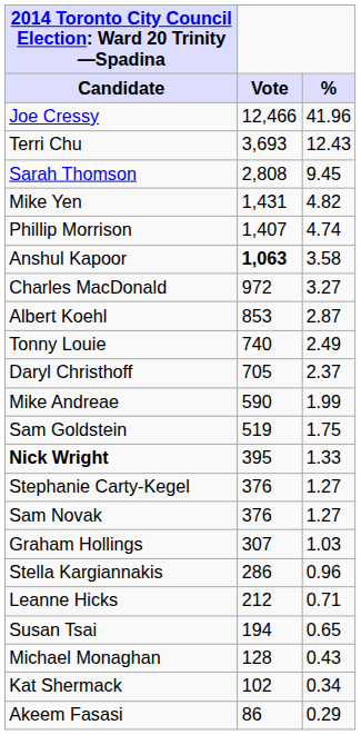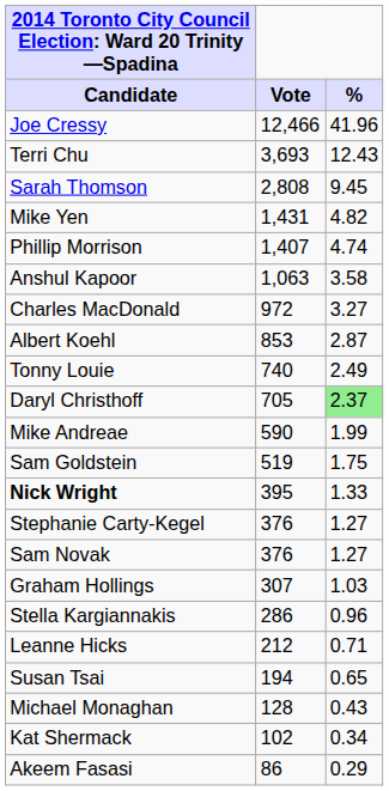 <table class="wikitable">
 <tr>
 <th style="background:#ddf; width:200px;"><a href='#'>2014 Toronto City Council Election</a>: Ward 20 Trinity—Spadina</th>
 </tr>
 <tr>
 <th style="background:#ddf; width:200px;">Candidate</th>
 <th style="background:#ddf; width:50px;">Vote</th>
 <th style="background:#ddf; width:30px;">%</th>
 </tr>
 <tr>
 <td><a href='#'>Joe Cressy</a></td>
 <td>12,466</td>
 <td>41.96</td>
 </tr>
 <tr>
 <td>Terri Chu</td>
 <td>3,693</td>
 <td>12.43</td>
 </tr>
 <tr>
 <td><a href='#'>Sarah Thomson</a></td>
 <td>2,808</td>
 <td>9.45</td>
 </tr>
 <tr>
 <td>Mike Yen</td>
 <td>1,431</td>
 <td>4.82</td>
 </tr>
 <tr>
 <td>Phillip Morrison</td>
 <td>1,407</td>
 <td>4.74</td>
 </tr>
 <tr>
 <td>Anshul Kapoor</td>
-<td><strong>1,063</strong></td>
+<td>1,063</td>
 <td>3.58</td>
 </tr>
 <tr>
 <td>Charles MacDonald</td>
 <td>972</td>
 <td>3.27</td>
 </tr>
 <tr>
 <td>Albert Koehl</td>
 <td>853</td>
 <td>2.87</td>
 </tr>
 <tr>
 <td>Tonny Louie</td>
 <td>740</td>
 <td>2.49</td>
 </tr>
 <tr>
 <td>Daryl Christhoff</td>
 <td>705</td>
-<td>2.37</td>
+<td style="background: lightgreen;">2.37</td>
 </tr>
 <tr>
 <td>Mike Andreae</td>
 <td>590</td>
 <td>1.99</td>
 </tr>
 <tr>
 <td>Sam Goldstein</td>
 <td>519</td>
 <td>1.75</td>
 </tr>
 <tr>
 <td><strong>Nick Wright</strong></td>
 <td>395</td>
 <td>1.33</td>
 </tr>
 <tr>
 <td>Stephanie Carty-Kegel</td>
 <td>376</td>
 <td>1.27</td>
 </tr>
 <tr>
 <td>Sam Novak</td>
 <td>376</td>
 <td>1.27</td>
 </tr>
 <tr>
 <td>Graham Hollings</td>
 <td>307</td>
 <td>1.03</td>
 </tr>
 <tr>
 <td>Stella Kargiannakis</td>
 <td>286</td>
 <td>0.96</td>
 </tr>
 <tr>
 <td>Leanne Hicks</td>
 <td>212</td>
 <td>0.71</td>
 </tr>
 <tr>
 <td>Susan Tsai</td>
 <td>194</td>
 <td>0.65</td>
 </tr>
 <tr>
 <td>Michael Monaghan</td>
 <td>128</td>
 <td>0.43</td>
 </tr>
 <tr>
 <td>Kat Shermack</td>
 <td>102</td>
 <td>0.34</td>
 </tr>
 <tr>
 <td>Akeem Fasasi</td>
 <td>86</td>
 <td>0.29</td>
 </tr>
 </table>
